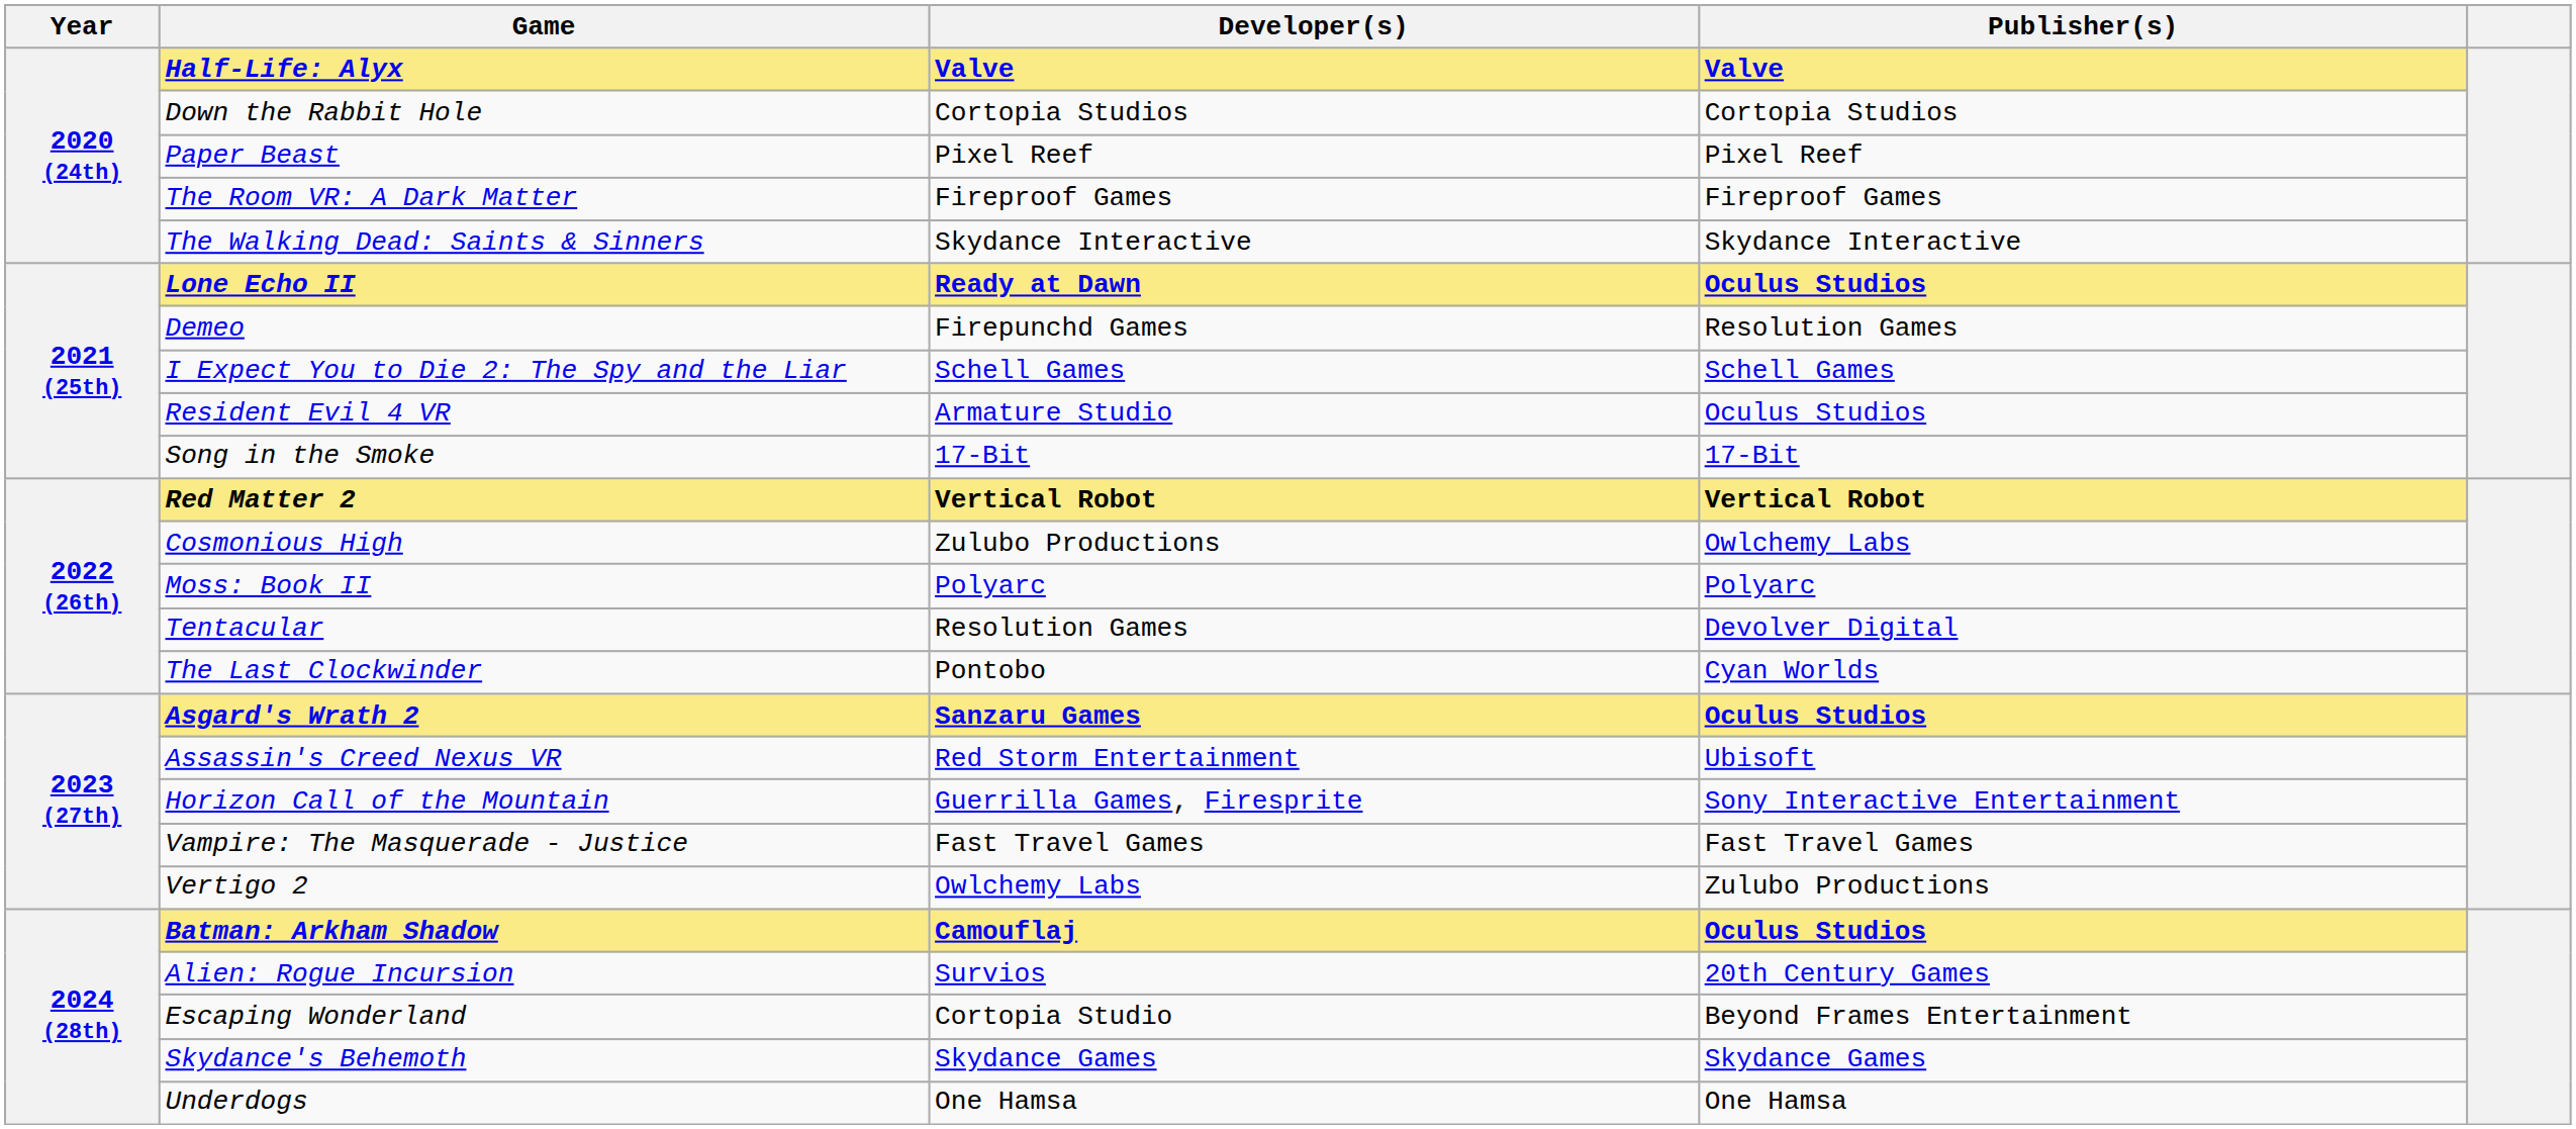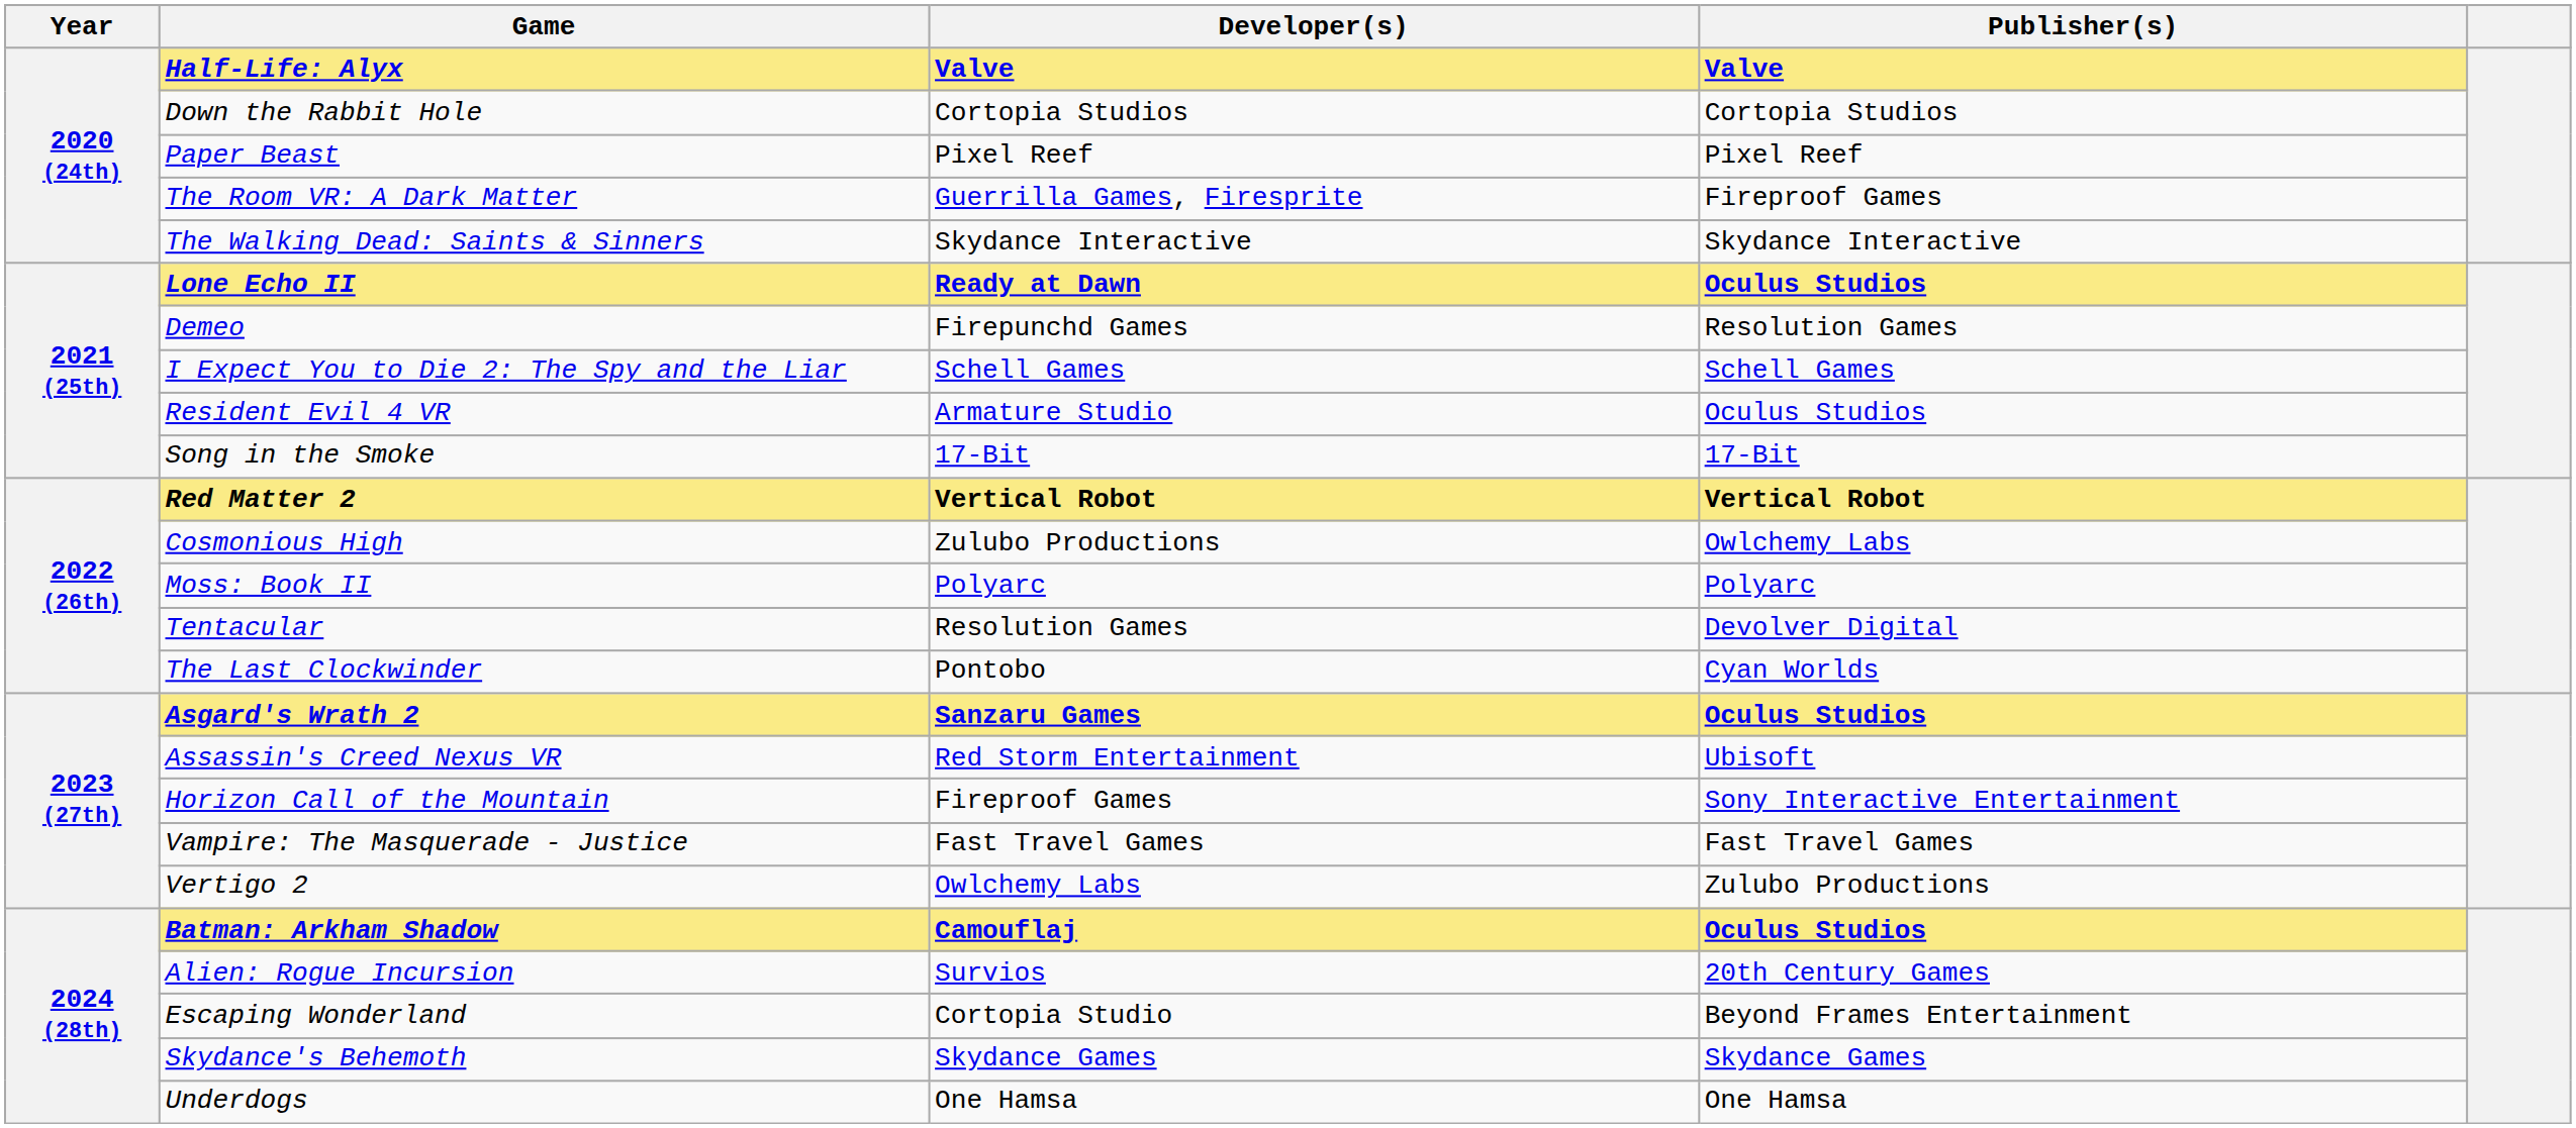 <table class="wikitable sortable" style="width:100%;">
 <tr style="background:#bebebe">
 <th scope="col" style="width:6%;">Year</th>
 <th scope="col" style="width:30%;">Game</th>
 <th scope="col" style="width:30%;">Developer(s)</th>
 <th scope="col" style="width:30%;">Publisher(s)</th>
 <th scope="col" style="width:4%;" class="unsortable"></th>
 </tr>
 <tr>
 <th scope="row" rowspan="5" style="text-align:center"><a href='#'>2020</a> <br><small><a href='#'>(24th)</a> </small></th>
 <td style="background:#FAEB86"><strong><em><a href='#'>Half-Life: Alyx</a></em></strong></td>
 <td style="background:#FAEB86"><strong><a href='#'>Valve</a></strong></td>
 <td style="background:#FAEB86"><strong><a href='#'>Valve</a></strong></td>
 <th scope="row" rowspan="5" style="text-align;center;"></th>
 </tr>
 <tr>
 <td><em>Down the Rabbit Hole</em></td>
 <td>Cortopia Studios</td>
 <td>Cortopia Studios</td>
 </tr>
 <tr>
 <td><em><a href='#'>Paper Beast</a></em></td>
 <td>Pixel Reef</td>
 <td>Pixel Reef</td>
 </tr>
 <tr>
 <td><em><a href='#'>The Room VR: A Dark Matter</a></em></td>
-<td>Fireproof Games</td>
+<td><a href='#'>Guerrilla Games</a>, <a href='#'>Firesprite</a></td>
 <td>Fireproof Games</td>
 </tr>
 <tr>
 <td><em><a href='#'>The Walking Dead: Saints & Sinners</a></em></td>
 <td>Skydance Interactive</td>
 <td>Skydance Interactive</td>
 </tr>
 <tr>
 <th scope="row" rowspan="5" style="text-align:center"><a href='#'>2021</a> <br><small><a href='#'>(25th)</a> </small></th>
 <td style="background:#FAEB86"><strong><em><a href='#'>Lone Echo II</a></em></strong></td>
 <td style="background:#FAEB86"><strong><a href='#'>Ready at Dawn</a></strong></td>
 <td style="background:#FAEB86"><strong><a href='#'>Oculus Studios</a></strong></td>
 <th scope="row" rowspan="5" style="text-align;center;"></th>
 </tr>
 <tr>
 <td><em><a href='#'>Demeo</a></em></td>
 <td>Firepunchd Games</td>
 <td>Resolution Games</td>
 </tr>
 <tr>
 <td><em><a href='#'>I Expect You to Die 2: The Spy and the Liar</a></em></td>
 <td><a href='#'>Schell Games</a></td>
 <td><a href='#'>Schell Games</a></td>
 </tr>
 <tr>
 <td><em><a href='#'>Resident Evil 4 VR</a></em></td>
 <td><a href='#'>Armature Studio</a></td>
 <td><a href='#'>Oculus Studios</a></td>
 </tr>
 <tr>
 <td><em>Song in the Smoke</em></td>
 <td><a href='#'>17-Bit</a></td>
 <td><a href='#'>17-Bit</a></td>
 </tr>
 <tr>
 <th scope="row" rowspan="5" style="text-align:center"><a href='#'>2022</a> <br><small><a href='#'>(26th)</a> </small></th>
 <td style="background:#FAEB86"><strong><em>Red Matter 2</em></strong></td>
 <td style="background:#FAEB86"><strong>Vertical Robot</strong></td>
 <td style="background:#FAEB86"><strong>Vertical Robot</strong></td>
 <th scope="row" rowspan="5" style="text-align;center;"></th>
 </tr>
 <tr>
 <td><em><a href='#'>Cosmonious High</a></em></td>
 <td>Zulubo Productions</td>
 <td><a href='#'>Owlchemy Labs</a></td>
 </tr>
 <tr>
 <td><em><a href='#'>Moss: Book II</a></em></td>
 <td><a href='#'>Polyarc</a></td>
 <td><a href='#'>Polyarc</a></td>
 </tr>
 <tr>
 <td><em><a href='#'>Tentacular</a></em></td>
 <td>Resolution Games</td>
 <td><a href='#'>Devolver Digital</a></td>
 </tr>
 <tr>
 <td><em><a href='#'>The Last Clockwinder</a></em></td>
 <td>Pontobo</td>
 <td><a href='#'>Cyan Worlds</a></td>
 </tr>
 <tr>
 <th scope="row" rowspan="5" style="text-align:center"><a href='#'>2023</a> <br><small><a href='#'>(27th)</a> </small></th>
 <td style="background:#FAEB86"><strong><em><a href='#'>Asgard's Wrath 2</a></em></strong></td>
 <td style="background:#FAEB86"><strong><a href='#'>Sanzaru Games</a></strong></td>
 <td style="background:#FAEB86"><strong><a href='#'>Oculus Studios</a></strong></td>
 <th scope="row" rowspan="5" style="text-align;center;"></th>
 </tr>
 <tr>
 <td><em><a href='#'>Assassin's Creed Nexus VR</a></em></td>
 <td><a href='#'>Red Storm Entertainment</a></td>
 <td><a href='#'>Ubisoft</a></td>
 </tr>
 <tr>
 <td><em><a href='#'>Horizon Call of the Mountain</a></em></td>
-<td><a href='#'>Guerrilla Games</a>, <a href='#'>Firesprite</a></td>
+<td>Fireproof Games</td>
 <td><a href='#'>Sony Interactive Entertainment</a></td>
 </tr>
 <tr>
 <td><em>Vampire: The Masquerade - Justice</em></td>
 <td>Fast Travel Games</td>
 <td>Fast Travel Games</td>
 </tr>
 <tr>
 <td><em>Vertigo 2</em></td>
 <td><a href='#'>Owlchemy Labs</a></td>
 <td>Zulubo Productions</td>
 </tr>
 <tr>
 <th scope="row" rowspan="5" style="text-align:center"><a href='#'>2024</a> <br><small><a href='#'>(28th)</a> </small></th>
 <td style="background:#FAEB86"><strong><em><a href='#'>Batman: Arkham Shadow</a></em></strong></td>
 <td style="background:#FAEB86"><strong><a href='#'>Camouflaj</a></strong></td>
 <td style="background:#FAEB86"><strong><a href='#'>Oculus Studios</a></strong></td>
 <th scope="row" rowspan="5" style="text-align;center;"><br></th>
 </tr>
 <tr>
 <td><em><a href='#'>Alien: Rogue Incursion</a></em></td>
 <td><a href='#'>Survios</a></td>
 <td><a href='#'>20th Century Games</a></td>
 </tr>
 <tr>
 <td><em>Escaping Wonderland</em></td>
 <td>Cortopia Studio</td>
 <td>Beyond Frames Entertainment</td>
 </tr>
 <tr>
 <td><em><a href='#'>Skydance's Behemoth</a></em></td>
 <td><a href='#'>Skydance Games</a></td>
 <td><a href='#'>Skydance Games</a></td>
 </tr>
 <tr>
 <td><em>Underdogs</em></td>
 <td>One Hamsa</td>
 <td>One Hamsa</td>
 </tr>
 </table>
